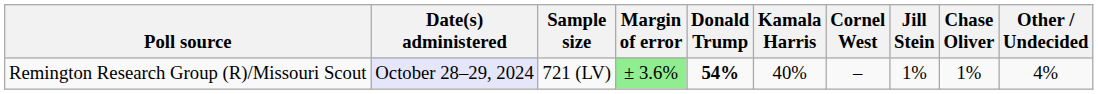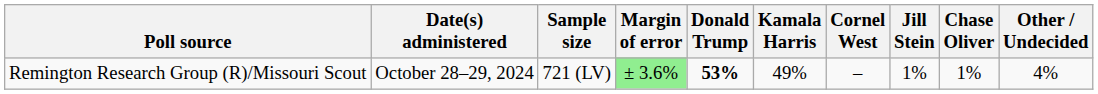 <table class="wikitable sortable mw-datatable" style="font-size:90%;text-align:center;line-height:17px">
 <tr valign=bottom>
 <th>Poll source</th>
 <th>Date(s)<br>administered</th>
 <th>Sample<br>size</th>
 <th>Margin<br>of error</th>
 <th class="unsortable">Donald<br>Trump<br></th>
 <th class="unsortable">Kamala<br>Harris<br></th>
 <th class="unsortable">Cornel<br>West<br></th>
 <th class="unsortable">Jill<br>Stein<br></th>
 <th class="unsortable">Chase<br>Oliver<br></th>
 <th class="unsortable">Other /<br>Undecided</th>
 </tr>
 <tr>
 <td style="text-align:left;">Remington Research Group (R)/Missouri Scout</td>
-<td data-sort-value="2024-10-29" style="background: lavender;">October 28–29, 2024</td>
+<td data-sort-value="2024-10-29">October 28–29, 2024</td>
 <td>721 (LV)</td>
 <td style="background: lightgreen;">± 3.6%</td>
-<td style="background-color:"><strong>54%</strong></td>
-<td>40%</td>
+<td style="background-color:"><strong>53%</strong></td>
+<td>49%</td>
 <td>–</td>
 <td>1%</td>
 <td>1%</td>
 <td>4%</td>
 </tr>
 </table>
